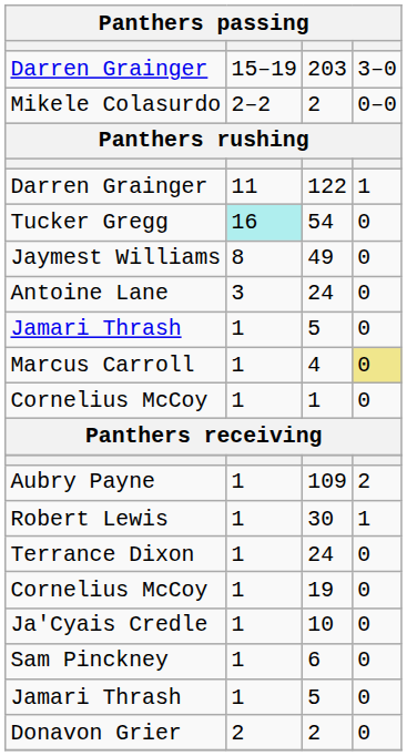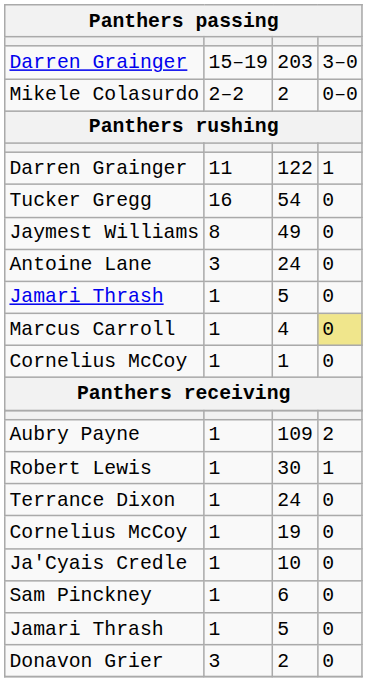 <table class="wikitable plainrowheaders">
 <tr>
 <th colspan="6">Panthers passing</th>
 </tr>
 <tr>
 <th scope="col"></th>
 <th scope="col"></th>
 <th scope="col"></th>
 <th scope="col"></th>
 </tr>
 <tr>
 <td><a href='#'>Darren Grainger</a></td>
 <td>15–19</td>
 <td>203</td>
 <td>3–0</td>
 </tr>
 <tr>
 <td>Mikele Colasurdo</td>
 <td>2–2</td>
 <td>2</td>
 <td>0–0</td>
 </tr>
 <tr>
 <th colspan="6">Panthers rushing</th>
 </tr>
 <tr>
 <th scope="col"></th>
 <th scope="col"></th>
 <th scope="col"></th>
 <th scope="col"></th>
 </tr>
 <tr>
 <td>Darren Grainger</td>
 <td>11</td>
 <td>122</td>
 <td>1</td>
 </tr>
 <tr>
 <td>Tucker Gregg</td>
-<td style="background: paleturquoise;">16</td>
+<td>16</td>
 <td>54</td>
 <td>0</td>
 </tr>
 <tr>
 <td>Jaymest Williams</td>
 <td>8</td>
 <td>49</td>
 <td>0</td>
 </tr>
 <tr>
 <td>Antoine Lane</td>
 <td>3</td>
 <td>24</td>
 <td>0</td>
 </tr>
 <tr>
 <td><a href='#'>Jamari Thrash</a></td>
 <td>1</td>
 <td>5</td>
 <td>0</td>
 </tr>
 <tr>
 <td>Marcus Carroll</td>
 <td>1</td>
 <td>4</td>
 <td style="background: khaki;">0</td>
 </tr>
 <tr>
 <td>Cornelius McCoy</td>
 <td>1</td>
 <td>1</td>
 <td>0</td>
 </tr>
 <tr>
 <th colspan="6">Panthers receiving</th>
 </tr>
 <tr>
 </tr>
 <tr>
 <th scope="col"></th>
 <th scope="col"></th>
 <th scope="col"></th>
 <th scope="col"></th>
 </tr>
 <tr>
 <td>Aubry Payne</td>
 <td>1</td>
 <td>109</td>
 <td>2</td>
 </tr>
 <tr>
 <td>Robert Lewis</td>
 <td>1</td>
 <td>30</td>
 <td>1</td>
 </tr>
 <tr>
 <td>Terrance Dixon</td>
 <td>1</td>
 <td>24</td>
 <td>0</td>
 </tr>
 <tr>
 <td>Cornelius McCoy</td>
 <td>1</td>
 <td>19</td>
 <td>0</td>
 </tr>
 <tr>
 <td>Ja'Cyais Credle</td>
 <td>1</td>
 <td>10</td>
 <td>0</td>
 </tr>
 <tr>
 <td>Sam Pinckney</td>
 <td>1</td>
 <td>6</td>
 <td>0</td>
 </tr>
 <tr>
 <td>Jamari Thrash</td>
 <td>1</td>
 <td>5</td>
 <td>0</td>
 </tr>
 <tr>
 <td>Donavon Grier</td>
-<td>2</td>
+<td>3</td>
 <td>2</td>
 <td>0</td>
 </tr>
 <tr>
 </tr>
 </table>
